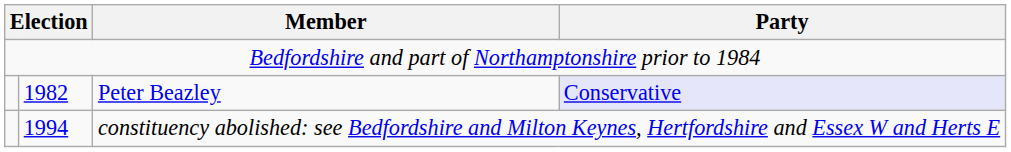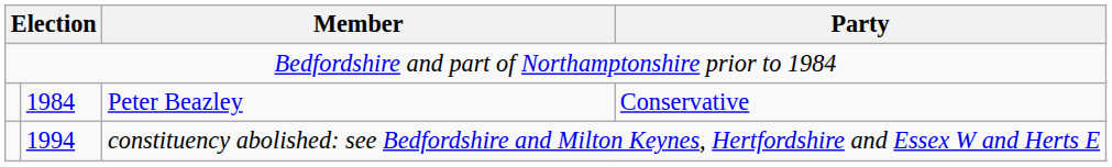 <table class="wikitable">
 <tr>
 <th colspan="2">Election</th>
 <th>Member</th>
 <th>Party</th>
 </tr>
 <tr>
 <td colspan="4" align="center"><em><a href='#'>Bedfordshire</a> and part of <a href='#'>Northamptonshire</a> prior to 1984</em></td>
 </tr>
 <tr>
 <td style="background-color: "></td>
-<td><a href='#'>1982</a></td>
+<td><a href='#'>1984</a></td>
 <td><a href='#'>Peter Beazley</a></td>
-<td style="background: lavender;"><a href='#'>Conservative</a></td>
+<td><a href='#'>Conservative</a></td>
 </tr>
 <tr>
 <td></td>
 <td><a href='#'>1994</a></td>
 <td colspan="2"><em>constituency abolished: see <a href='#'>Bedfordshire and Milton Keynes</a>, <a href='#'>Hertfordshire</a> and <a href='#'>Essex W and Herts E</a></em></td>
 </tr>
 </table>
